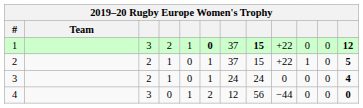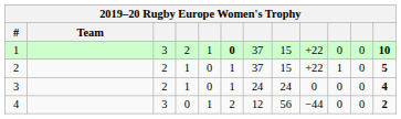 <table class="wikitable" style="text-align:center;">
 <tr>
 <th colspan="12">2019–20 Rugby Europe Women's Trophy</th>
 </tr>
 <tr>
 <th style="width:1.5em;">#</th>
 <th style="width:10.5em;">Team</th>
 <th style="width:1.5em;"></th>
 <th style="width:1.5em;"></th>
 <th style="width:1.5em;"></th>
 <th style="width:1.5em;"></th>
 <th style="width:2.0em;"></th>
 <th style="width:2.0em;"></th>
 <th style="width:2.0em;"></th>
 <th style="width:1.5em;"></th>
 <th style="width:1.5em;"></th>
 <th style="width:1.5em;"><br></th>
 </tr>
 <tr bgcolor=#ccffcc>
 <td>1</td>
 <td align=left></td>
 <td>3</td>
 <td>2</td>
 <td>1</td>
 <td><strong>0</strong></td>
 <td>37</td>
-<td><strong>15</strong></td>
+<td>15</td>
 <td>+22</td>
 <td>0</td>
 <td>0</td>
-<td><strong>12</strong></td>
+<td><strong>10</strong></td>
 </tr>
 <tr>
 <td>2</td>
 <td align=left></td>
 <td>2</td>
 <td>1</td>
 <td>0</td>
 <td>1</td>
 <td>37</td>
 <td>15</td>
 <td>+22</td>
 <td>1</td>
 <td>0</td>
 <td><strong>5</strong></td>
 </tr>
 <tr>
 <td>3</td>
 <td align=left></td>
 <td>2</td>
 <td>1</td>
 <td>0</td>
 <td>1</td>
 <td>24</td>
 <td>24</td>
 <td>0</td>
 <td>0</td>
 <td>0</td>
 <td><strong>4</strong></td>
 </tr>
 <tr>
 <td>4</td>
 <td align=left></td>
 <td>3</td>
 <td>0</td>
 <td>1</td>
 <td>2</td>
 <td>12</td>
 <td>56</td>
 <td>−44</td>
 <td>0</td>
 <td>0</td>
-<td><strong>0</strong></td>
+<td><strong>2</strong></td>
 </tr>
 </table>
